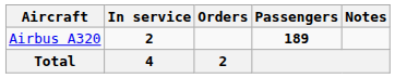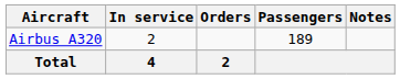 <table class="wikitable" style="margin:1em auto; border-collapse:collapse;text-align:center">
 <tr>
 <th>Aircraft</th>
 <th>In service</th>
 <th>Orders</th>
 <th>Passengers</th>
 <th>Notes</th>
 </tr>
 <tr>
 <td><a href='#'>Airbus A320</a></td>
-<td><strong>2</strong></td>
+<td>2</td>
 <td></td>
-<td><strong>189</strong></td>
+<td>189</td>
 <td></td>
 </tr>
 <tr>
 <th>Total</th>
 <th>4</th>
 <th>2</th>
 <th colspan="4"></th>
 </tr>
 </table>
